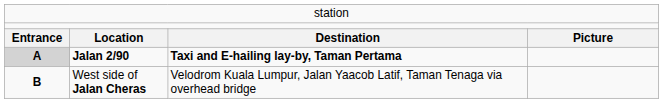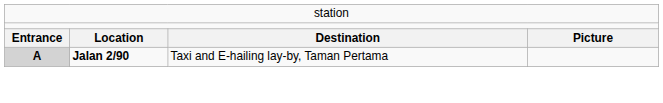 <table class="wikitable" style="width:70%">
 <tr>
 <td colspan="4" align="center"> station</td>
 </tr>
 <tr>
 <td colspan="4" align="center"></td>
 </tr>
 <tr>
 <th style="width:10%">Entrance</th>
 <th style="width:15%">Location</th>
 <th style="width:55%">Destination</th>
 <th style="width:20%">Picture</th>
 </tr>
 <tr>
 <td align="center" style="background: lightgrey;"><strong><span>A</span></strong></td>
 <td><strong>Jalan 2/90</strong></td>
-<td><strong>Taxi and E-hailing lay-by, Taman Pertama</strong></td>
-<td></td>
-</tr>
-<tr>
-<td align="center"><strong><span>B</span></strong></td>
-<td>West side of <strong>Jalan Cheras</strong></td>
-<td>Velodrom Kuala Lumpur, Jalan Yaacob Latif, Taman Tenaga via overhead bridge</td>
+<td>Taxi and E-hailing lay-by, Taman Pertama</td>
 <td></td>
 </tr>
 </table>
